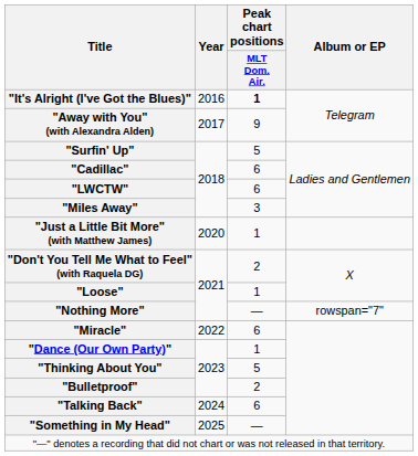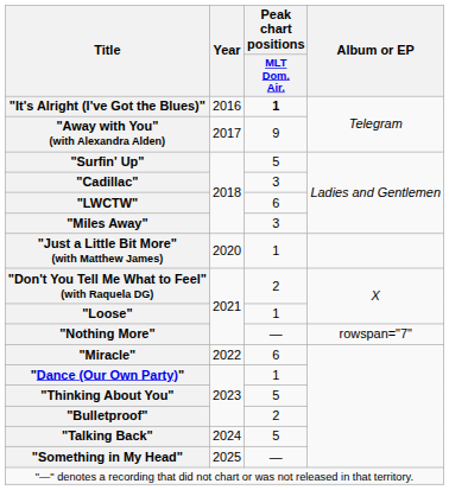 <table class="wikitable plainrowheaders" style="text-align:center;">
 <tr>
 <th scope="col" rowspan="2">Title</th>
 <th scope="col" rowspan="2">Year</th>
 <th scope="col" colspan="1">Peak chart positions</th>
 <th scope="col" rowspan="2">Album or EP</th>
 </tr>
 <tr>
 <th scope="col" style="width:3em;font-size:85%;"><a href='#'>MLT<br>Dom.<br>Air.</a><br></th>
 </tr>
 <tr>
 <th scope="row">"It's Alright (I've Got the Blues)"</th>
 <td>2016</td>
 <td><strong>1</strong></td>
 <td rowspan="2"><em>Telegram</em></td>
 </tr>
 <tr>
 <th scope="row">"Away with You"<br><small>(with Alexandra Alden)</small></th>
 <td>2017</td>
 <td>9</td>
 </tr>
 <tr>
 <th scope="row">"Surfin' Up"</th>
 <td rowspan="4">2018</td>
 <td>5</td>
 <td rowspan="4"><em>Ladies and Gentlemen</em></td>
 </tr>
 <tr>
 <th scope="row">"Cadillac"</th>
-<td>6</td>
+<td>3</td>
 </tr>
 <tr>
 <th scope="row">"LWCTW"</th>
 <td>6</td>
 </tr>
 <tr>
 <th scope="row">"Miles Away"</th>
 <td>3</td>
 </tr>
 <tr>
 <th scope="row">"Just a Little Bit More"<br><small>(with Matthew James)</small></th>
 <td>2020</td>
 <td>1</td>
 <td></td>
 </tr>
 <tr>
 <th scope="row">"Don't You Tell Me What to Feel"<br><small>(with Raquela DG)</small></th>
 <td rowspan="3">2021</td>
 <td>2</td>
 <td rowspan="2"><em>X</em></td>
 </tr>
 <tr>
 <th scope="row">"Loose"</th>
 <td>1</td>
 </tr>
 <tr>
 <th scope="row">"Nothing More"</th>
 <td>—</td>
 <td>rowspan="7" </td>
 </tr>
 <tr>
 <th scope="row">"Miracle"</th>
 <td>2022</td>
 <td>6</td>
 </tr>
 <tr>
 <th scope="row">"<a href='#'>Dance (Our Own Party)</a>"</th>
 <td rowspan="3">2023</td>
 <td>1</td>
 </tr>
 <tr>
 <th scope="row">"Thinking About You"</th>
 <td>5</td>
 </tr>
 <tr>
 <th scope="row">"Bulletproof"</th>
 <td>2</td>
 </tr>
 <tr>
 <th scope="row">"Talking Back"</th>
 <td>2024</td>
-<td>6</td>
+<td>5</td>
 </tr>
 <tr>
 <th scope="row">"Something in My Head"</th>
 <td>2025</td>
 <td>—</td>
 </tr>
 <tr>
 <td colspan="4" style="font-size:85%">"—" denotes a recording that did not chart or was not released in that territory.</td>
 </tr>
 </table>
